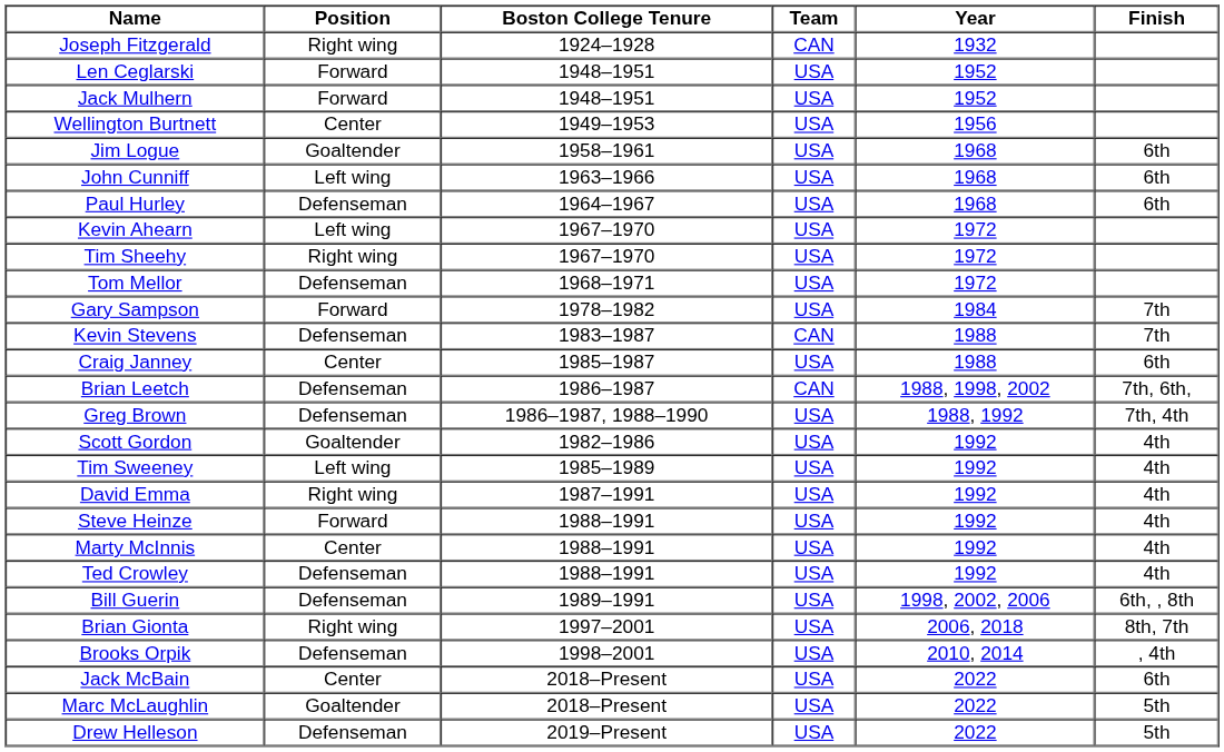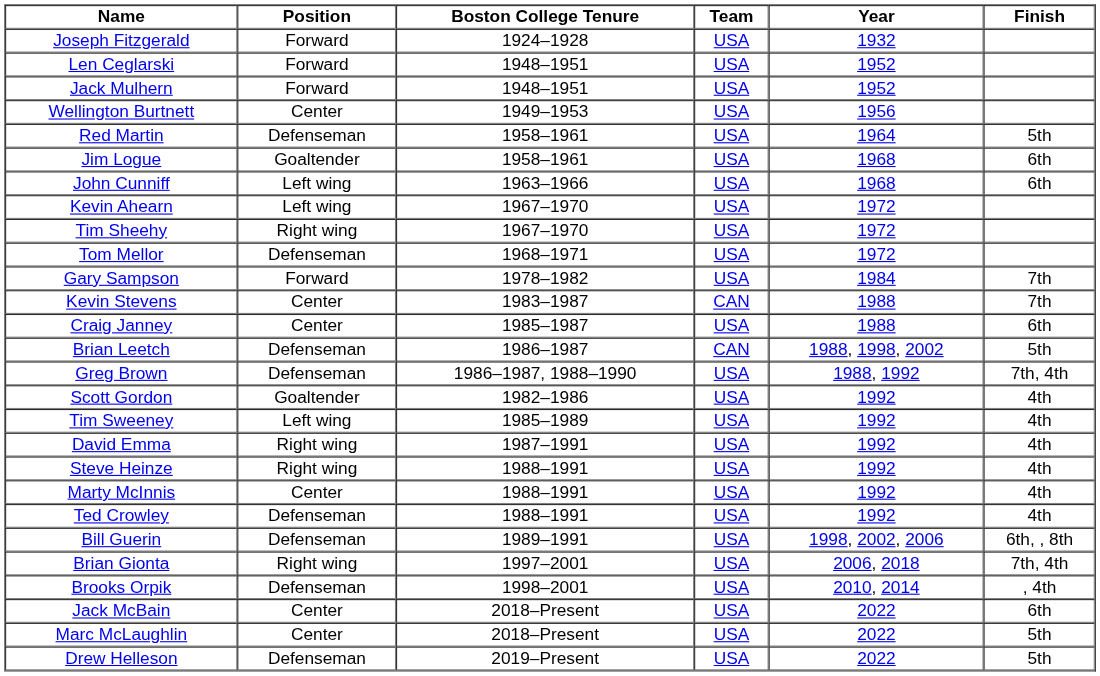 <table cellpadding="1" border="1" cellspacing="0" width="80%">
 <tr>
 <th>Name</th>
 <th>Position</th>
 <th>Boston College Tenure</th>
 <th>Team</th>
 <th>Year</th>
 <th>Finish</th>
 </tr>
 <tr align="center">
 <td><a href='#'>Joseph Fitzgerald</a></td>
-<td>Right wing</td>
+<td>Forward</td>
 <td>1924–1928</td>
-<td> <a href='#'>CAN</a></td>
+<td> <a href='#'>USA</a></td>
 <td><a href='#'>1932</a></td>
 <td></td>
 </tr>
 <tr align="center">
 <td><a href='#'>Len Ceglarski</a></td>
 <td>Forward</td>
 <td>1948–1951</td>
 <td> <a href='#'>USA</a></td>
 <td><a href='#'>1952</a></td>
 <td></td>
 </tr>
 <tr align="center">
 <td><a href='#'>Jack Mulhern</a></td>
 <td>Forward</td>
 <td>1948–1951</td>
 <td> <a href='#'>USA</a></td>
 <td><a href='#'>1952</a></td>
 <td></td>
 </tr>
 <tr align="center">
 <td><a href='#'>Wellington Burtnett</a></td>
 <td>Center</td>
 <td>1949–1953</td>
 <td> <a href='#'>USA</a></td>
 <td><a href='#'>1956</a></td>
 <td></td>
 </tr>
 <tr align="center">
+<td><a href='#'>Red Martin</a></td>
+<td>Defenseman</td>
+<td>1958–1961</td>
+<td> <a href='#'>USA</a></td>
+<td><a href='#'>1964</a></td>
+<td>5th</td>
+</tr>
+<tr align="center">
 <td><a href='#'>Jim Logue</a></td>
 <td>Goaltender</td>
 <td>1958–1961</td>
 <td> <a href='#'>USA</a></td>
 <td><a href='#'>1968</a></td>
 <td>6th</td>
 </tr>
 <tr align="center">
 <td><a href='#'>John Cunniff</a></td>
 <td>Left wing</td>
 <td>1963–1966</td>
-<td> <a href='#'>USA</a></td>
-<td><a href='#'>1968</a></td>
-<td>6th</td>
-</tr>
-<tr align="center">
-<td><a href='#'>Paul Hurley</a></td>
-<td>Defenseman</td>
-<td>1964–1967</td>
 <td> <a href='#'>USA</a></td>
 <td><a href='#'>1968</a></td>
 <td>6th</td>
 </tr>
 <tr align="center">
 <td><a href='#'>Kevin Ahearn</a></td>
 <td>Left wing</td>
 <td>1967–1970</td>
 <td> <a href='#'>USA</a></td>
 <td><a href='#'>1972</a></td>
 <td></td>
 </tr>
 <tr align="center">
 <td><a href='#'>Tim Sheehy</a></td>
 <td>Right wing</td>
 <td>1967–1970</td>
 <td> <a href='#'>USA</a></td>
 <td><a href='#'>1972</a></td>
 <td></td>
 </tr>
 <tr align="center">
 <td><a href='#'>Tom Mellor</a></td>
 <td>Defenseman</td>
 <td>1968–1971</td>
 <td> <a href='#'>USA</a></td>
 <td><a href='#'>1972</a></td>
 <td></td>
 </tr>
 <tr align="center">
 <td><a href='#'>Gary Sampson</a></td>
 <td>Forward</td>
 <td>1978–1982</td>
 <td> <a href='#'>USA</a></td>
 <td><a href='#'>1984</a></td>
 <td>7th</td>
 </tr>
 <tr align="center">
 <td><a href='#'>Kevin Stevens</a></td>
-<td>Defenseman</td>
+<td>Center</td>
 <td>1983–1987</td>
 <td> <a href='#'>CAN</a></td>
 <td><a href='#'>1988</a></td>
 <td>7th</td>
 </tr>
 <tr align="center">
 <td><a href='#'>Craig Janney</a></td>
 <td>Center</td>
 <td>1985–1987</td>
 <td> <a href='#'>USA</a></td>
 <td><a href='#'>1988</a></td>
 <td>6th</td>
 </tr>
 <tr align="center">
 <td><a href='#'>Brian Leetch</a></td>
 <td>Defenseman</td>
 <td>1986–1987</td>
 <td> <a href='#'>CAN</a></td>
 <td><a href='#'>1988</a>, <a href='#'>1998</a>, <a href='#'>2002</a></td>
-<td>7th, 6th, </td>
+<td>5th</td>
 </tr>
 <tr align="center">
 <td><a href='#'>Greg Brown</a></td>
 <td>Defenseman</td>
 <td>1986–1987, 1988–1990</td>
 <td> <a href='#'>USA</a></td>
 <td><a href='#'>1988</a>, <a href='#'>1992</a></td>
 <td>7th, 4th</td>
 </tr>
 <tr align="center">
 <td><a href='#'>Scott Gordon</a></td>
 <td>Goaltender</td>
 <td>1982–1986</td>
 <td> <a href='#'>USA</a></td>
 <td><a href='#'>1992</a></td>
 <td>4th</td>
 </tr>
 <tr align="center">
 <td><a href='#'>Tim Sweeney</a></td>
 <td>Left wing</td>
 <td>1985–1989</td>
 <td> <a href='#'>USA</a></td>
 <td><a href='#'>1992</a></td>
 <td>4th</td>
 </tr>
 <tr align="center">
 <td><a href='#'>David Emma</a></td>
 <td>Right wing</td>
 <td>1987–1991</td>
 <td> <a href='#'>USA</a></td>
 <td><a href='#'>1992</a></td>
 <td>4th</td>
 </tr>
 <tr align="center">
 <td><a href='#'>Steve Heinze</a></td>
-<td>Forward</td>
+<td>Right wing</td>
 <td>1988–1991</td>
 <td> <a href='#'>USA</a></td>
 <td><a href='#'>1992</a></td>
 <td>4th</td>
 </tr>
 <tr align="center">
 <td><a href='#'>Marty McInnis</a></td>
 <td>Center</td>
 <td>1988–1991</td>
 <td> <a href='#'>USA</a></td>
 <td><a href='#'>1992</a></td>
 <td>4th</td>
 </tr>
 <tr align="center">
 <td><a href='#'>Ted Crowley</a></td>
 <td>Defenseman</td>
 <td>1988–1991</td>
 <td> <a href='#'>USA</a></td>
 <td><a href='#'>1992</a></td>
 <td>4th</td>
 </tr>
 <tr align="center">
 <td><a href='#'>Bill Guerin</a></td>
 <td>Defenseman</td>
 <td>1989–1991</td>
 <td> <a href='#'>USA</a></td>
 <td><a href='#'>1998</a>, <a href='#'>2002</a>, <a href='#'>2006</a></td>
 <td>6th, , 8th</td>
 </tr>
 <tr align="center">
 <td><a href='#'>Brian Gionta</a></td>
 <td>Right wing</td>
 <td>1997–2001</td>
 <td> <a href='#'>USA</a></td>
 <td><a href='#'>2006</a>, <a href='#'>2018</a></td>
-<td>8th, 7th</td>
+<td>7th, 4th</td>
 </tr>
 <tr align="center">
 <td><a href='#'>Brooks Orpik</a></td>
 <td>Defenseman</td>
 <td>1998–2001</td>
 <td> <a href='#'>USA</a></td>
 <td><a href='#'>2010</a>, <a href='#'>2014</a></td>
 <td>, 4th</td>
 </tr>
 <tr align="center">
 <td><a href='#'>Jack McBain</a></td>
 <td>Center</td>
 <td>2018–Present</td>
 <td> <a href='#'>USA</a></td>
 <td><a href='#'>2022</a></td>
 <td>6th</td>
 </tr>
 <tr align="center">
 <td><a href='#'>Marc McLaughlin</a></td>
-<td>Goaltender</td>
+<td>Center</td>
 <td>2018–Present</td>
 <td> <a href='#'>USA</a></td>
 <td><a href='#'>2022</a></td>
 <td>5th</td>
 </tr>
 <tr align="center">
 <td><a href='#'>Drew Helleson</a></td>
 <td>Defenseman</td>
 <td>2019–Present</td>
 <td> <a href='#'>USA</a></td>
 <td><a href='#'>2022</a></td>
 <td>5th</td>
 </tr>
 <tr align="center">
 </tr>
 </table>
